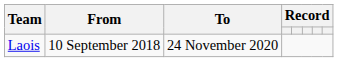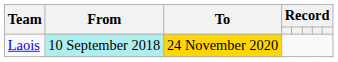 <table class=wikitable style="text-align: center">
 <tr>
 <th rowspan=2>Team</th>
 <th rowspan=2>From</th>
 <th rowspan=2>To</th>
 <th colspan=5>Record</th>
 </tr>
 <tr>
 <th></th>
 <th></th>
 <th></th>
 <th></th>
 <th></th>
 </tr>
 <tr>
 <td align=left><a href='#'>Laois</a></td>
-<td align=left>10 September 2018</td>
-<td align=left>24 November 2020<br></td>
+<td align=left style="background: paleturquoise;">10 September 2018</td>
+<td align=left style="background: gold;">24 November 2020<br></td>
 </tr>
 </table>
